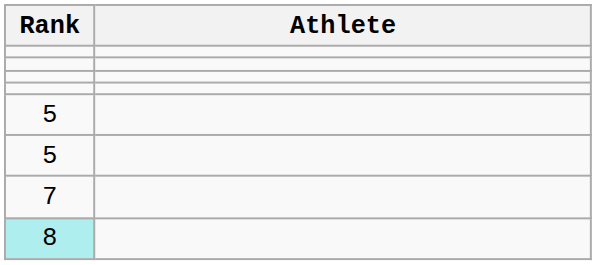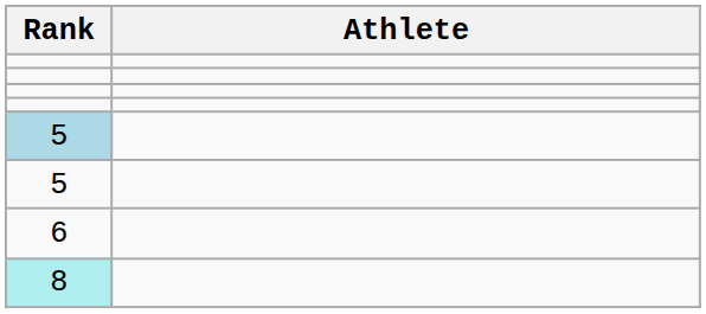 <table class="wikitable" style="text-align: center;">
 <tr>
 <th width=40>Rank</th>
 <th width=250>Athlete</th>
 </tr>
 <tr>
 <td></td>
 <td align="left"></td>
 </tr>
 <tr>
 <td></td>
 <td align="left"></td>
 </tr>
 <tr>
 <td></td>
 <td align="left"></td>
 </tr>
 <tr>
 <td></td>
 <td align="left"></td>
 </tr>
 <tr>
-<td>5</td>
+<td style="background: lightblue;">5</td>
 <td align="left"></td>
 </tr>
 <tr>
 <td>5</td>
 <td align="left"></td>
 </tr>
 <tr>
-<td>7</td>
+<td>6</td>
 <td align="left"></td>
 </tr>
 <tr>
 <td style="background: paleturquoise;">8</td>
 <td align="left"></td>
 </tr>
 </table>
